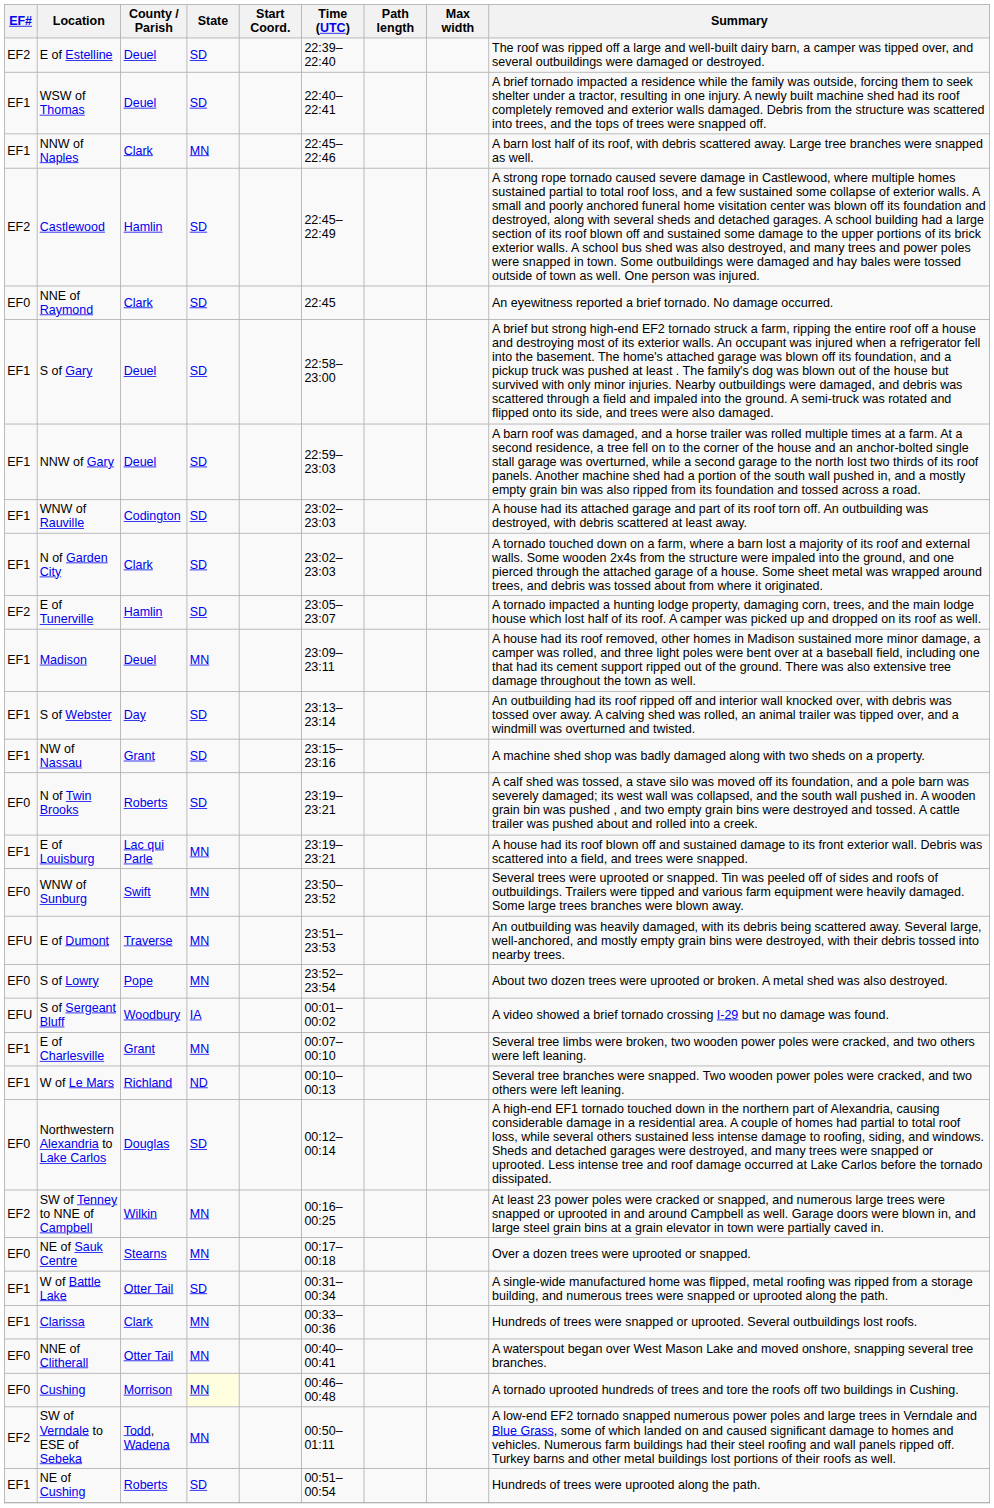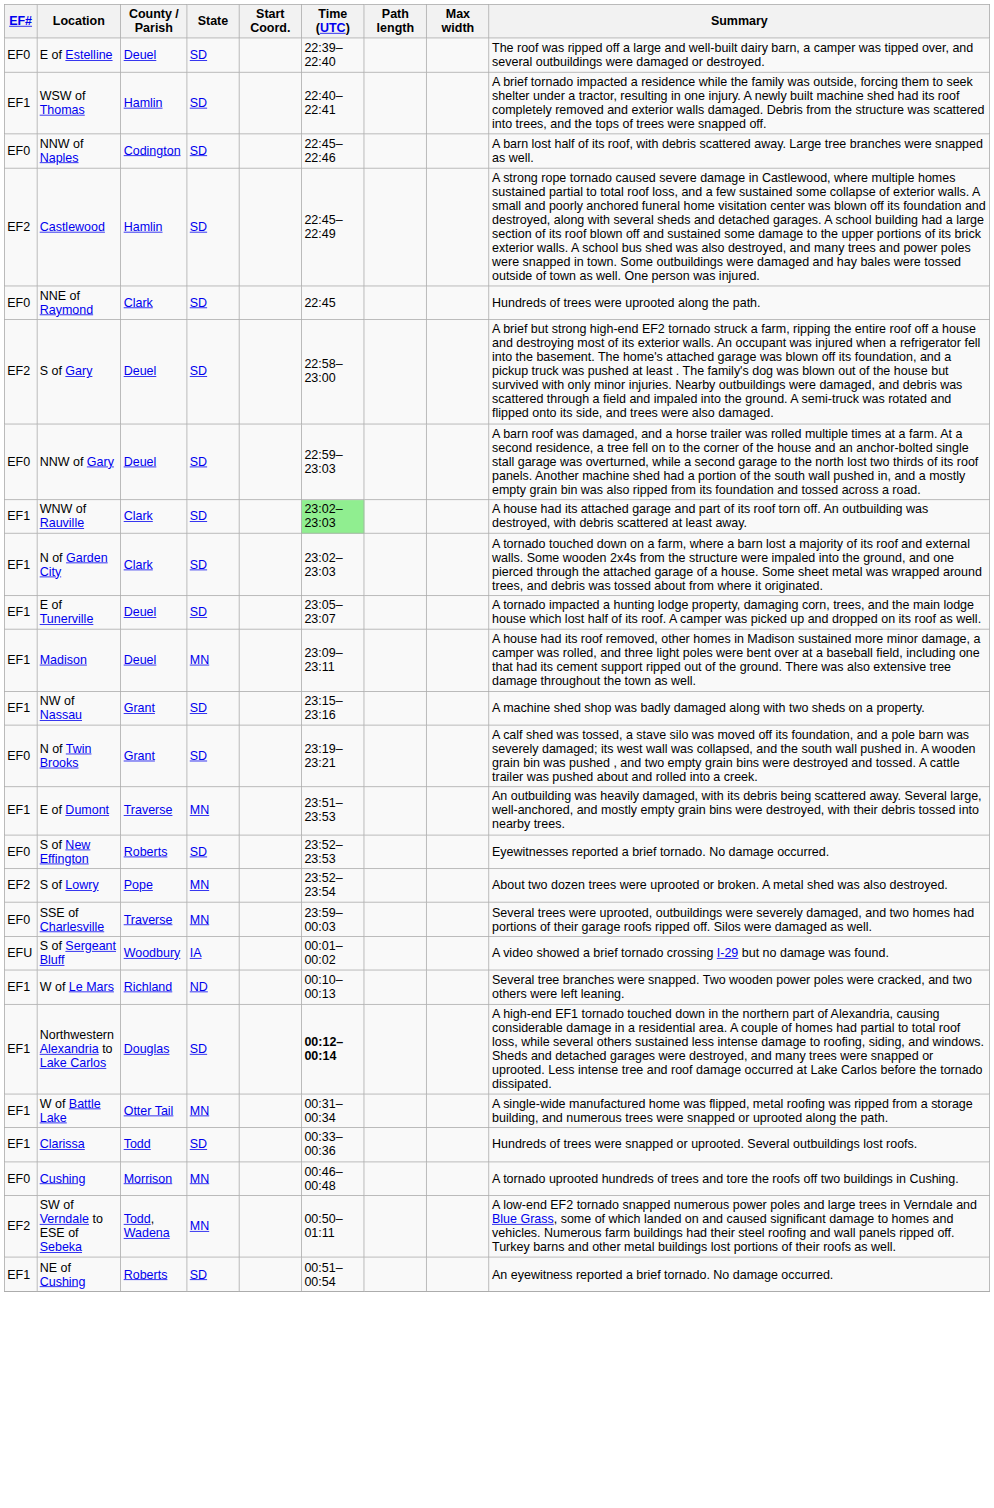 <table class="wikitable sortable" style="width:100%;">
 <tr>
 <th scope="col" style="width:3%; text-align:center;"><a href='#'>EF#</a></th>
 <th scope="col" style="width:7%; text-align:center;" class="unsortable">Location</th>
 <th scope="col" style="width:6%; text-align:center;" class="unsortable">County / Parish</th>
 <th scope="col" style="width:5%; text-align:center;">State</th>
 <th scope="col" style="width:6%; text-align:center;">Start Coord.</th>
 <th scope="col" style="width:6%; text-align:center;">Time (<a href='#'>UTC</a>)</th>
 <th scope="col" style="width:6%; text-align:center;">Path length</th>
 <th scope="col" style="width:6%; text-align:center;">Max width</th>
 <th scope="col" class="unsortable" style="width:48%; text-align:center;">Summary</th>
 </tr>
 <tr>
-<td>EF2</td>
+<td>EF0</td>
 <td>E of <a href='#'>Estelline</a></td>
 <td><a href='#'>Deuel</a></td>
 <td><a href='#'>SD</a></td>
 <td></td>
 <td>22:39–22:40</td>
 <td></td>
 <td></td>
 <td>The roof was ripped off a large and well-built dairy barn, a camper was tipped over, and several outbuildings were damaged or destroyed.</td>
 </tr>
 <tr>
 <td>EF1</td>
 <td>WSW of <a href='#'>Thomas</a></td>
-<td><a href='#'>Deuel</a></td>
+<td><a href='#'>Hamlin</a></td>
 <td><a href='#'>SD</a></td>
 <td></td>
 <td>22:40–22:41</td>
 <td></td>
 <td></td>
 <td>A brief tornado impacted a residence while the family was outside, forcing them to seek shelter under a tractor, resulting in one injury. A newly built machine shed had its roof completely removed and exterior walls damaged. Debris from the structure was scattered into trees, and the tops of trees were snapped off.</td>
 </tr>
 <tr>
-<td>EF1</td>
+<td>EF0</td>
 <td>NNW of <a href='#'>Naples</a></td>
-<td><a href='#'>Clark</a></td>
-<td><a href='#'>MN</a></td>
+<td><a href='#'>Codington</a></td>
+<td><a href='#'>SD</a></td>
 <td></td>
 <td>22:45–22:46</td>
 <td></td>
 <td></td>
 <td>A barn lost half of its roof, with debris scattered  away. Large tree branches were snapped as well.</td>
 </tr>
 <tr>
 <td>EF2</td>
 <td><a href='#'>Castlewood</a></td>
 <td><a href='#'>Hamlin</a></td>
 <td><a href='#'>SD</a></td>
 <td></td>
 <td>22:45–22:49</td>
 <td></td>
 <td></td>
 <td>A strong rope tornado caused severe damage in Castlewood, where multiple homes sustained partial to total roof loss, and a few sustained some collapse of exterior walls. A small and poorly anchored funeral home visitation center was blown off its foundation and destroyed, along with several sheds and detached garages. A school building had a large section of its roof blown off and sustained some damage to the upper portions of its brick exterior walls. A school bus shed was also destroyed, and many trees and power poles were snapped in town. Some outbuildings were damaged and hay bales were tossed outside of town as well. One person was injured.</td>
 </tr>
 <tr>
 <td>EF0</td>
 <td>NNE of <a href='#'>Raymond</a></td>
 <td><a href='#'>Clark</a></td>
 <td><a href='#'>SD</a></td>
 <td></td>
 <td>22:45</td>
 <td></td>
 <td></td>
-<td>An eyewitness reported a brief tornado. No damage occurred.</td>
+<td>Hundreds of trees were uprooted along the path.</td>
 </tr>
 <tr>
-<td>EF1</td>
+<td>EF2</td>
 <td>S of <a href='#'>Gary</a></td>
 <td><a href='#'>Deuel</a></td>
 <td><a href='#'>SD</a></td>
 <td></td>
 <td>22:58–23:00</td>
 <td></td>
 <td></td>
 <td>A brief but strong high-end EF2 tornado struck a farm, ripping the entire roof off a house and destroying most of its exterior walls. An occupant was injured when a refrigerator fell into the basement. The home's attached garage was blown off its foundation, and a pickup truck was pushed at least . The family's dog was blown out of the house but survived with only minor injuries. Nearby outbuildings were damaged, and debris was scattered through a field and impaled into the ground. A semi-truck was rotated and flipped onto its side, and trees were also damaged.</td>
 </tr>
 <tr>
-<td>EF1</td>
+<td>EF0</td>
 <td>NNW of <a href='#'>Gary</a></td>
 <td><a href='#'>Deuel</a></td>
 <td><a href='#'>SD</a></td>
 <td></td>
 <td>22:59–23:03</td>
 <td></td>
 <td></td>
 <td>A barn roof was damaged, and a horse trailer was rolled multiple times at a farm. At a second residence, a tree fell on to the corner of the house and an anchor-bolted single stall garage was overturned, while a second garage to the north lost two thirds of its roof panels. Another machine shed had a portion of the south wall pushed in, and a mostly empty grain bin was also ripped from its foundation and tossed across a road.</td>
 </tr>
 <tr>
 <td>EF1</td>
 <td>WNW of <a href='#'>Rauville</a></td>
-<td><a href='#'>Codington</a></td>
+<td><a href='#'>Clark</a></td>
 <td><a href='#'>SD</a></td>
 <td></td>
-<td>23:02–23:03</td>
+<td style="background: lightgreen;">23:02–23:03</td>
 <td></td>
 <td></td>
 <td>A house had its attached garage and part of its roof torn off. An outbuilding was destroyed, with debris scattered at least  away.</td>
 </tr>
 <tr>
 <td>EF1</td>
 <td>N of <a href='#'>Garden City</a></td>
 <td><a href='#'>Clark</a></td>
 <td><a href='#'>SD</a></td>
 <td></td>
 <td>23:02–23:03</td>
 <td></td>
 <td></td>
 <td>A tornado touched down on a farm, where a barn lost a majority of its roof and external walls. Some wooden 2x4s from the structure were impaled into the ground, and one pierced through the attached garage of a house. Some sheet metal was wrapped around trees, and debris was tossed about  from where it originated.</td>
 </tr>
 <tr>
-<td>EF2</td>
+<td>EF1</td>
 <td>E of <a href='#'>Tunerville</a></td>
-<td><a href='#'>Hamlin</a></td>
+<td><a href='#'>Deuel</a></td>
 <td><a href='#'>SD</a></td>
 <td></td>
 <td>23:05–23:07</td>
 <td></td>
 <td></td>
 <td>A tornado impacted a hunting lodge property, damaging corn, trees, and the main lodge house which lost half of its roof. A camper was picked up and dropped on its roof as well.</td>
 </tr>
 <tr>
 <td>EF1</td>
 <td><a href='#'>Madison</a></td>
 <td><a href='#'>Deuel</a></td>
 <td><a href='#'>MN</a></td>
 <td></td>
 <td>23:09–23:11</td>
 <td></td>
 <td></td>
 <td>A house had its roof removed, other homes in Madison sustained more minor damage, a camper was rolled, and three light poles were bent over at a baseball field, including one that had its cement support ripped out of the ground. There was also extensive tree damage throughout the town as well.</td>
 </tr>
 <tr>
 <td>EF1</td>
-<td>S of <a href='#'>Webster</a></td>
-<td><a href='#'>Day</a></td>
-<td><a href='#'>SD</a></td>
-<td></td>
-<td>23:13–23:14</td>
-<td></td>
-<td></td>
-<td>An outbuilding had its roof ripped off and interior wall knocked over, with debris was tossed over  away. A calving shed was rolled, an animal trailer was tipped over, and a windmill was overturned and twisted.</td>
-</tr>
-<tr>
-<td>EF1</td>
 <td>NW of <a href='#'>Nassau</a></td>
 <td><a href='#'>Grant</a></td>
 <td><a href='#'>SD</a></td>
 <td></td>
 <td>23:15–23:16</td>
 <td></td>
 <td></td>
 <td>A machine shed shop was badly damaged along with two sheds on a property.</td>
 </tr>
 <tr>
 <td>EF0</td>
 <td>N of <a href='#'>Twin Brooks</a></td>
-<td><a href='#'>Roberts</a></td>
+<td><a href='#'>Grant</a></td>
 <td><a href='#'>SD</a></td>
 <td></td>
 <td>23:19–23:21</td>
 <td></td>
 <td></td>
 <td>A calf shed was tossed, a stave silo was moved off its foundation, and a pole barn was severely damaged; its west wall was collapsed, and the south wall pushed in. A wooden grain bin was pushed , and two empty grain bins were destroyed and tossed. A cattle trailer was pushed about  and rolled into a creek.</td>
 </tr>
 <tr>
 <td>EF1</td>
-<td>E of <a href='#'>Louisburg</a></td>
-<td><a href='#'>Lac qui Parle</a></td>
-<td><a href='#'>MN</a></td>
-<td></td>
-<td>23:19–23:21</td>
-<td></td>
-<td></td>
-<td>A house had its roof blown off and sustained damage to its front exterior wall. Debris was scattered into a field, and trees were snapped.</td>
-</tr>
-<tr>
-<td>EF0</td>
-<td>WNW of <a href='#'>Sunburg</a></td>
-<td><a href='#'>Swift</a></td>
-<td><a href='#'>MN</a></td>
-<td></td>
-<td>23:50–23:52</td>
-<td></td>
-<td></td>
-<td>Several trees were uprooted or snapped. Tin was peeled off of sides and roofs of outbuildings. Trailers were tipped and various farm equipment were heavily damaged. Some large trees branches were blown away.</td>
-</tr>
-<tr>
-<td>EFU</td>
 <td>E of <a href='#'>Dumont</a></td>
 <td><a href='#'>Traverse</a></td>
 <td><a href='#'>MN</a></td>
 <td></td>
 <td>23:51–23:53</td>
 <td></td>
 <td></td>
 <td>An outbuilding was heavily damaged, with its debris being scattered  away. Several large, well-anchored, and mostly empty grain bins were destroyed, with their debris tossed into nearby trees.</td>
 </tr>
 <tr>
 <td>EF0</td>
+<td>S of <a href='#'>New Effington</a></td>
+<td><a href='#'>Roberts</a></td>
+<td><a href='#'>SD</a></td>
+<td></td>
+<td>23:52–23:53</td>
+<td></td>
+<td></td>
+<td>Eyewitnesses reported a brief tornado. No damage occurred.</td>
+</tr>
+<tr>
+<td>EF2</td>
 <td>S of <a href='#'>Lowry</a></td>
 <td><a href='#'>Pope</a></td>
 <td><a href='#'>MN</a></td>
 <td></td>
 <td>23:52–23:54</td>
 <td></td>
 <td></td>
 <td>About two dozen trees were uprooted or broken. A metal shed was also destroyed.</td>
+</tr>
+<tr>
+<td>EF0</td>
+<td>SSE of <a href='#'>Charlesville</a></td>
+<td><a href='#'>Traverse</a></td>
+<td><a href='#'>MN</a></td>
+<td></td>
+<td>23:59–00:03</td>
+<td></td>
+<td></td>
+<td>Several trees were uprooted, outbuildings were severely damaged, and two homes had portions of their garage roofs ripped off. Silos were damaged as well.</td>
 </tr>
 <tr>
 <td>EFU</td>
 <td>S of <a href='#'>Sergeant Bluff</a></td>
 <td><a href='#'>Woodbury</a></td>
 <td><a href='#'>IA</a></td>
 <td></td>
 <td>00:01–00:02</td>
 <td></td>
 <td></td>
 <td>A video showed a brief tornado crossing <a href='#'>I-29</a> but no damage was found.</td>
 </tr>
 <tr>
 <td>EF1</td>
-<td>E of <a href='#'>Charlesville</a></td>
-<td><a href='#'>Grant</a></td>
-<td><a href='#'>MN</a></td>
-<td></td>
-<td>00:07–00:10</td>
-<td></td>
-<td></td>
-<td>Several tree limbs were broken, two wooden power poles were cracked, and two others were left leaning.</td>
-</tr>
-<tr>
-<td>EF1</td>
 <td>W of <a href='#'>Le Mars</a></td>
 <td><a href='#'>Richland</a></td>
 <td><a href='#'>ND</a></td>
 <td></td>
 <td>00:10–00:13</td>
 <td></td>
 <td></td>
 <td>Several tree branches were snapped. Two wooden power poles were cracked, and two others were left leaning.</td>
 </tr>
 <tr>
-<td>EF0</td>
+<td>EF1</td>
 <td>Northwestern <a href='#'>Alexandria</a> to <a href='#'>Lake Carlos</a></td>
 <td><a href='#'>Douglas</a></td>
 <td><a href='#'>SD</a></td>
 <td></td>
-<td>00:12–00:14</td>
+<td><strong>00:12–00:14</strong></td>
 <td></td>
 <td></td>
 <td>A high-end EF1 tornado touched down in the northern part of Alexandria, causing considerable damage in a residential area. A couple of homes had partial to total roof loss, while several others sustained less intense damage to roofing, siding, and windows. Sheds and detached garages were destroyed, and many trees were snapped or uprooted. Less intense tree and roof damage occurred at Lake Carlos before the tornado dissipated.</td>
 </tr>
 <tr>
-<td>EF2</td>
-<td>SW of <a href='#'>Tenney</a> to NNE of <a href='#'>Campbell</a></td>
-<td><a href='#'>Wilkin</a></td>
-<td><a href='#'>MN</a></td>
-<td></td>
-<td>00:16–00:25</td>
-<td></td>
-<td></td>
-<td>At least 23 power poles were cracked or snapped, and numerous large trees were snapped or uprooted in and around Campbell as well. Garage doors were blown in, and large steel grain bins at a grain elevator in town were partially caved in.</td>
-</tr>
-<tr>
-<td>EF0</td>
-<td>NE of <a href='#'>Sauk Centre</a></td>
-<td><a href='#'>Stearns</a></td>
-<td><a href='#'>MN</a></td>
-<td></td>
-<td>00:17–00:18</td>
-<td></td>
-<td></td>
-<td>Over a dozen trees were uprooted or snapped.</td>
-</tr>
-<tr>
 <td>EF1</td>
 <td>W of <a href='#'>Battle Lake</a></td>
 <td><a href='#'>Otter Tail</a></td>
-<td><a href='#'>SD</a></td>
+<td><a href='#'>MN</a></td>
 <td></td>
 <td>00:31–00:34</td>
 <td></td>
 <td></td>
 <td>A single-wide manufactured home was flipped, metal roofing was ripped from a storage building, and numerous trees were snapped or uprooted along the path.</td>
 </tr>
 <tr>
 <td>EF1</td>
 <td><a href='#'>Clarissa</a></td>
-<td><a href='#'>Clark</a></td>
-<td><a href='#'>MN</a></td>
+<td><a href='#'>Todd</a></td>
+<td><a href='#'>SD</a></td>
 <td></td>
 <td>00:33–00:36</td>
 <td></td>
 <td></td>
 <td>Hundreds of trees were snapped or uprooted. Several outbuildings lost roofs.</td>
 </tr>
 <tr>
 <td>EF0</td>
-<td>NNE of <a href='#'>Clitherall</a></td>
-<td><a href='#'>Otter Tail</a></td>
-<td><a href='#'>MN</a></td>
-<td></td>
-<td>00:40–00:41</td>
-<td></td>
-<td></td>
-<td>A waterspout began over West Mason Lake and moved onshore, snapping several tree branches.</td>
-</tr>
-<tr>
-<td>EF0</td>
 <td><a href='#'>Cushing</a></td>
 <td><a href='#'>Morrison</a></td>
-<td style="background: lightyellow;"><a href='#'>MN</a></td>
+<td><a href='#'>MN</a></td>
 <td></td>
 <td>00:46–00:48</td>
 <td></td>
 <td></td>
 <td>A tornado uprooted hundreds of trees and tore the roofs off two buildings in Cushing.</td>
 </tr>
 <tr>
 <td>EF2</td>
 <td>SW of <a href='#'>Verndale</a> to ESE of <a href='#'>Sebeka</a></td>
 <td><a href='#'>Todd</a>, <a href='#'>Wadena</a></td>
 <td><a href='#'>MN</a></td>
 <td></td>
 <td>00:50–01:11</td>
 <td></td>
 <td></td>
 <td>A low-end EF2 tornado snapped numerous power poles and large trees in Verndale and <a href='#'>Blue Grass</a>, some of which landed on and caused significant damage to homes and vehicles. Numerous farm buildings had their steel roofing and wall panels ripped off. Turkey barns and other metal buildings lost portions of their roofs as well.</td>
 </tr>
 <tr>
 <td>EF1</td>
 <td>NE of <a href='#'>Cushing</a></td>
 <td><a href='#'>Roberts</a></td>
 <td><a href='#'>SD</a></td>
 <td></td>
 <td>00:51–00:54</td>
 <td></td>
 <td></td>
-<td>Hundreds of trees were uprooted along the path.</td>
+<td>An eyewitness reported a brief tornado. No damage occurred.</td>
 </tr>
 <tr>
 </tr>
 </table>
